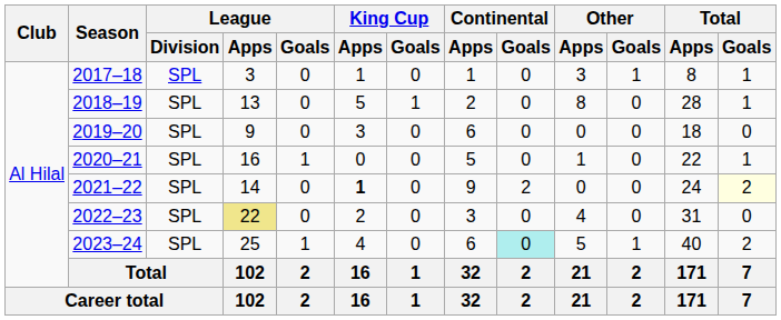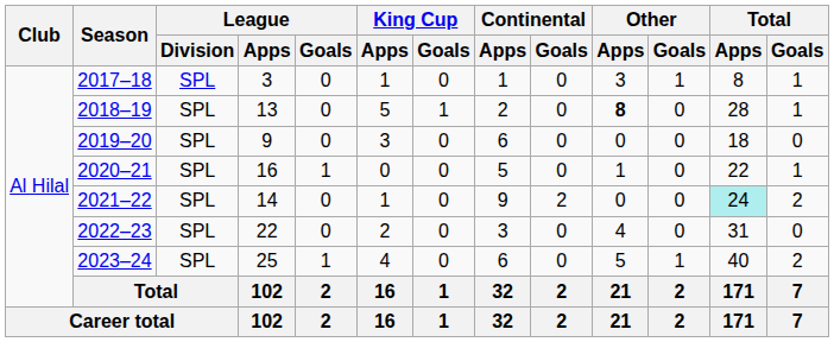 <table class="wikitable" style="text-align: center">
 <tr>
 <th rowspan=2>Club</th>
 <th rowspan=2>Season</th>
 <th colspan=3>League</th>
 <th colspan=2><a href='#'>King Cup</a></th>
 <th colspan=2>Continental</th>
 <th colspan=2>Other</th>
 <th colspan=2>Total</th>
 </tr>
 <tr>
 <th>Division</th>
 <th>Apps</th>
 <th>Goals</th>
 <th>Apps</th>
 <th>Goals</th>
 <th>Apps</th>
 <th>Goals</th>
 <th>Apps</th>
 <th>Goals</th>
 <th>Apps</th>
 <th>Goals</th>
 </tr>
 <tr>
 <td rowspan=8><a href='#'>Al Hilal</a></td>
 <td><a href='#'>2017–18</a></td>
 <td><a href='#'>SPL</a></td>
 <td>3</td>
 <td>0</td>
 <td>1</td>
 <td>0</td>
 <td>1</td>
 <td>0</td>
 <td>3</td>
 <td>1</td>
 <td>8</td>
 <td>1</td>
 </tr>
 <tr>
 <td><a href='#'>2018–19</a></td>
 <td>SPL</td>
 <td>13</td>
 <td>0</td>
 <td>5</td>
 <td>1</td>
 <td>2</td>
 <td>0</td>
-<td>8</td>
+<td><strong>8</strong></td>
 <td>0</td>
 <td>28</td>
 <td>1</td>
 </tr>
 <tr>
 <td><a href='#'>2019–20</a></td>
 <td>SPL</td>
 <td>9</td>
 <td>0</td>
 <td>3</td>
 <td>0</td>
 <td>6</td>
 <td>0</td>
 <td>0</td>
 <td>0</td>
 <td>18</td>
 <td>0</td>
 </tr>
 <tr>
 <td><a href='#'>2020–21</a></td>
 <td>SPL</td>
 <td>16</td>
 <td>1</td>
 <td>0</td>
 <td>0</td>
 <td>5</td>
 <td>0</td>
 <td>1</td>
 <td>0</td>
 <td>22</td>
 <td>1</td>
 </tr>
 <tr>
 <td><a href='#'>2021–22</a></td>
 <td>SPL</td>
 <td>14</td>
 <td>0</td>
-<td><strong>1</strong></td>
+<td>1</td>
 <td>0</td>
 <td>9</td>
 <td>2</td>
 <td>0</td>
 <td>0</td>
-<td>24</td>
-<td style="background: lightyellow;">2</td>
+<td style="background: paleturquoise;">24</td>
+<td>2</td>
 </tr>
 <tr>
 <td><a href='#'>2022–23</a></td>
 <td>SPL</td>
-<td style="background: khaki;">22</td>
+<td>22</td>
 <td>0</td>
 <td>2</td>
 <td>0</td>
 <td>3</td>
 <td>0</td>
 <td>4</td>
 <td>0</td>
 <td>31</td>
 <td>0</td>
 </tr>
 <tr>
 <td><a href='#'>2023–24</a></td>
 <td>SPL</td>
 <td>25</td>
 <td>1</td>
 <td>4</td>
 <td>0</td>
 <td>6</td>
-<td style="background: paleturquoise;">0</td>
+<td>0</td>
 <td>5</td>
 <td>1</td>
 <td>40</td>
 <td>2</td>
 </tr>
 <tr>
 <th colspan="2">Total</th>
 <th>102</th>
 <th>2</th>
 <th>16</th>
 <th>1</th>
 <th>32</th>
 <th>2</th>
 <th>21</th>
 <th>2</th>
 <th>171</th>
 <th>7</th>
 </tr>
 <tr>
 <th colspan="3">Career total</th>
 <th>102</th>
 <th>2</th>
 <th>16</th>
 <th>1</th>
 <th>32</th>
 <th>2</th>
 <th>21</th>
 <th>2</th>
 <th>171</th>
 <th>7</th>
 </tr>
 </table>
